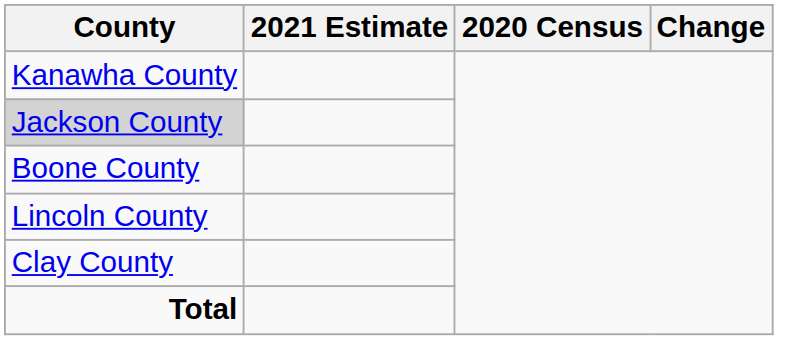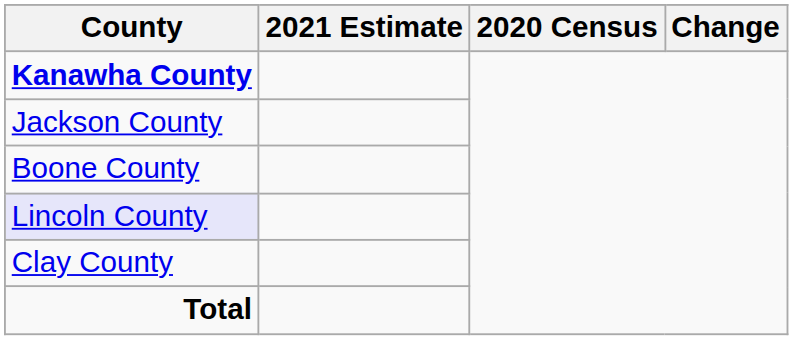 <table class="wikitable sortable">
 <tr>
 <th>County</th>
 <th>2021 Estimate</th>
 <th>2020 Census</th>
 <th>Change</th>
 </tr>
 <tr>
-<td><a href='#'>Kanawha County</a></td>
+<td><strong><a href='#'>Kanawha County</a></strong></td>
 <td></td>
 </tr>
 <tr>
-<td style="background: lightgrey;"><a href='#'>Jackson County</a></td>
+<td><a href='#'>Jackson County</a></td>
 <td></td>
 </tr>
 <tr>
 <td><a href='#'>Boone County</a></td>
 <td></td>
 </tr>
 <tr>
-<td><a href='#'>Lincoln County</a></td>
+<td style="background: lavender;"><a href='#'>Lincoln County</a></td>
 <td></td>
 </tr>
 <tr>
 <td><a href='#'>Clay County</a></td>
 <td></td>
 </tr>
 <tr class=sortbottom>
 <td align=right><strong>Total</strong></td>
 <td></td>
 </tr>
 </table>
